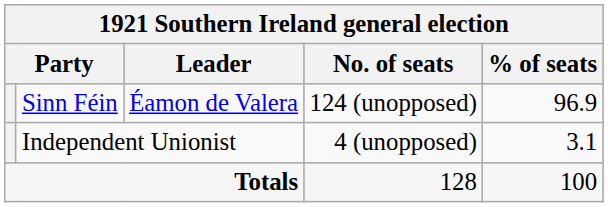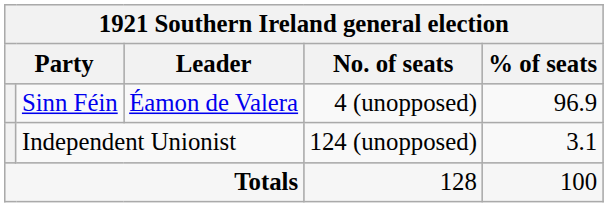 <table class="wikitable" font-size: 95%;">
 <tr>
 <th colspan="5">1921 Southern Ireland general election</th>
 </tr>
 <tr>
 <th colspan="2">Party</th>
 <th>Leader</th>
 <th>No. of seats</th>
 <th>% of seats</th>
 </tr>
 <tr>
 <th style="background-color: "></th>
 <td><a href='#'>Sinn Féin</a></td>
 <td><a href='#'>Éamon de Valera</a></td>
-<td align="right">124 (unopposed)</td>
+<td align="right">4 (unopposed)</td>
 <td align="right">96.9</td>
 </tr>
 <tr>
 <th style="background-color: "></th>
 <td colspan="2">Independent Unionist</td>
-<td align="right">4 (unopposed)</td>
+<td align="right">124 (unopposed)</td>
 <td align="right">3.1</td>
 </tr>
 <tr style="background-color:#F6F6F6">
 <td colspan="3" align="right"><strong>Totals</strong></td>
 <td align="right">128</td>
 <td align="right">100</td>
 </tr>
 </table>
